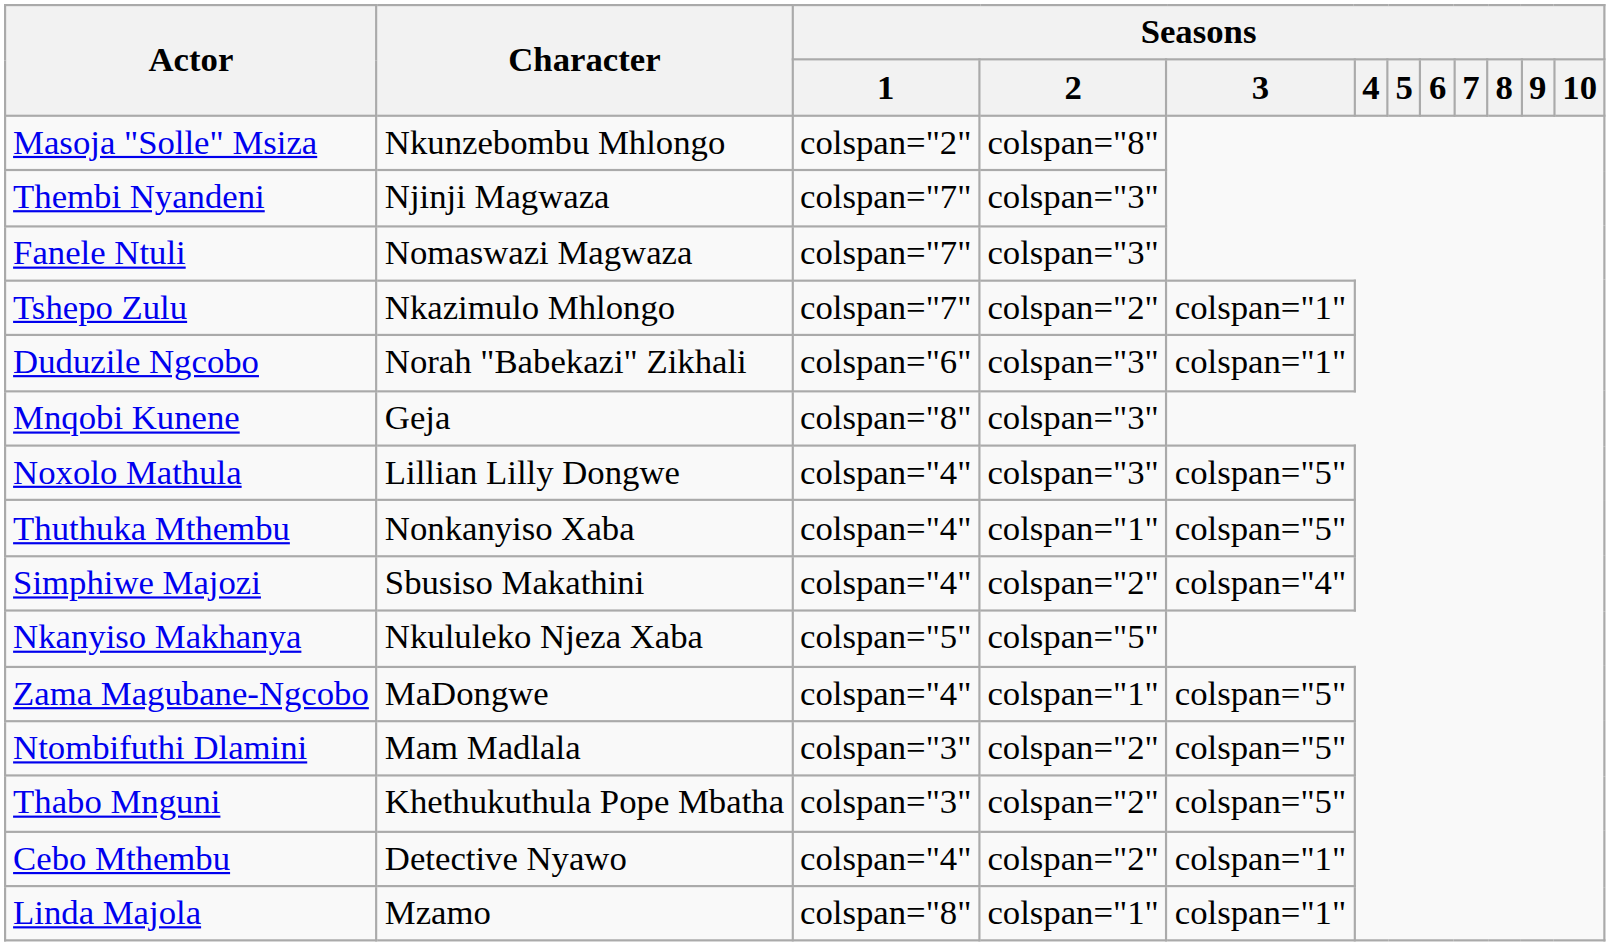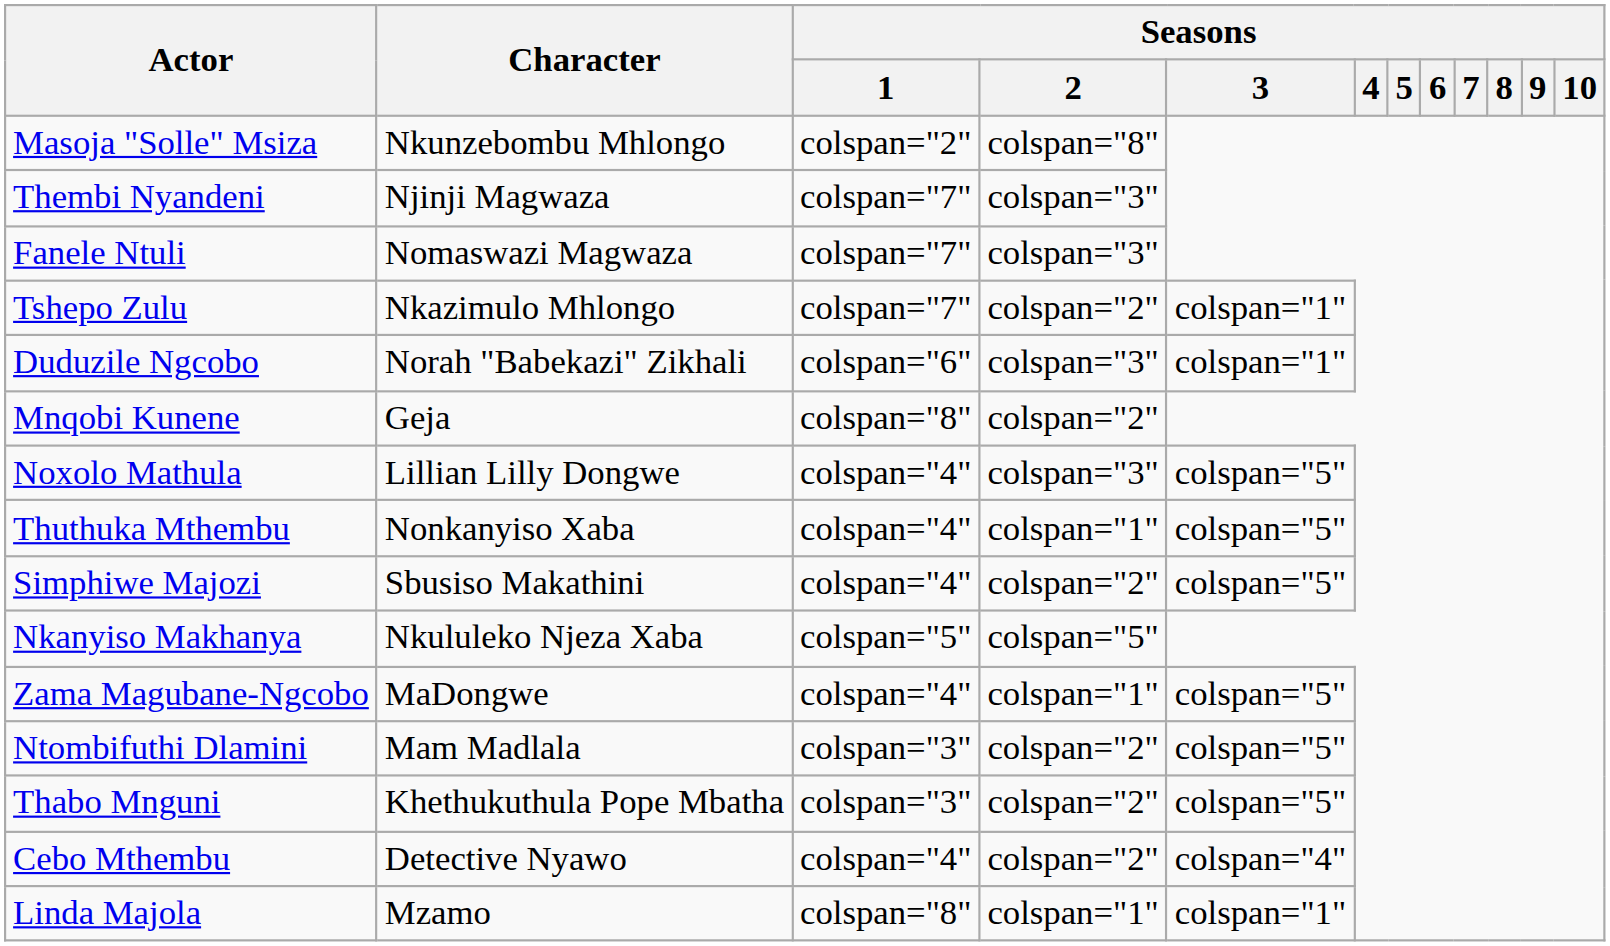 <table class="wikitable">
 <tr>
 <th rowspan="2">Actor</th>
 <th rowspan="2">Character</th>
 <th colspan="10">Seasons</th>
 </tr>
 <tr>
 <th>1</th>
 <th>2</th>
 <th>3</th>
 <th>4</th>
 <th>5</th>
 <th>6</th>
 <th>7</th>
 <th>8</th>
 <th>9</th>
 <th>10</th>
 </tr>
 <tr>
 <td><a href='#'>Masoja "Solle" Msiza</a></td>
 <td>Nkunzebombu Mhlongo</td>
 <td>colspan="2"</td>
 <td>colspan="8"</td>
 </tr>
 <tr>
 <td><a href='#'>Thembi Nyandeni</a></td>
 <td>Njinji Magwaza</td>
 <td>colspan="7"</td>
 <td>colspan="3"</td>
 </tr>
 <tr>
 <td><a href='#'>Fanele Ntuli</a></td>
 <td>Nomaswazi Magwaza</td>
 <td>colspan="7"</td>
 <td>colspan="3" </td>
 </tr>
 <tr>
 <td><a href='#'>Tshepo Zulu</a></td>
 <td>Nkazimulo Mhlongo</td>
 <td>colspan="7"</td>
 <td>colspan="2"</td>
 <td>colspan="1"</td>
 </tr>
 <tr>
 <td><a href='#'>Duduzile Ngcobo</a></td>
 <td>Norah "Babekazi" Zikhali</td>
 <td>colspan="6"</td>
 <td>colspan="3"</td>
 <td>colspan="1"</td>
 </tr>
 <tr>
 <td><a href='#'>Mnqobi Kunene</a></td>
 <td>Geja</td>
 <td>colspan="8"</td>
-<td>colspan="3"</td>
+<td>colspan="2"</td>
 </tr>
 <tr>
 <td><a href='#'>Noxolo Mathula</a></td>
 <td>Lillian Lilly Dongwe</td>
 <td>colspan="4"</td>
 <td>colspan="3"</td>
 <td>colspan="5"</td>
 </tr>
 <tr>
 <td><a href='#'>Thuthuka Mthembu</a></td>
 <td>Nonkanyiso Xaba</td>
 <td>colspan="4"</td>
 <td>colspan="1"</td>
 <td>colspan="5"</td>
 </tr>
 <tr>
 <td><a href='#'>Simphiwe Majozi</a></td>
 <td>Sbusiso Makathini</td>
 <td>colspan="4"</td>
 <td>colspan="2"</td>
-<td>colspan="4"</td>
+<td>colspan="5"</td>
 </tr>
 <tr>
 <td><a href='#'>Nkanyiso Makhanya</a></td>
 <td>Nkululeko Njeza Xaba</td>
 <td>colspan="5"</td>
 <td>colspan="5"</td>
 </tr>
 <tr>
 <td><a href='#'>Zama Magubane-Ngcobo</a></td>
 <td>MaDongwe</td>
 <td>colspan="4"</td>
 <td>colspan="1"</td>
 <td>colspan="5"</td>
 </tr>
 <tr>
 <td><a href='#'>Ntombifuthi Dlamini</a></td>
 <td>Mam Madlala</td>
 <td>colspan="3"</td>
 <td>colspan="2"</td>
 <td>colspan="5"</td>
 </tr>
 <tr>
 <td><a href='#'>Thabo Mnguni</a></td>
 <td>Khethukuthula Pope Mbatha</td>
 <td>colspan="3"</td>
 <td>colspan="2" </td>
 <td>colspan="5"</td>
 </tr>
 <tr>
 <td><a href='#'>Cebo Mthembu</a></td>
 <td>Detective Nyawo</td>
 <td>colspan="4" </td>
 <td>colspan="2"</td>
-<td>colspan="1"</td>
+<td>colspan="4"</td>
 </tr>
 <tr>
 <td><a href='#'>Linda Majola</a></td>
 <td>Mzamo</td>
 <td>colspan="8"</td>
 <td>colspan="1"</td>
 <td>colspan="1"</td>
 </tr>
 </table>
